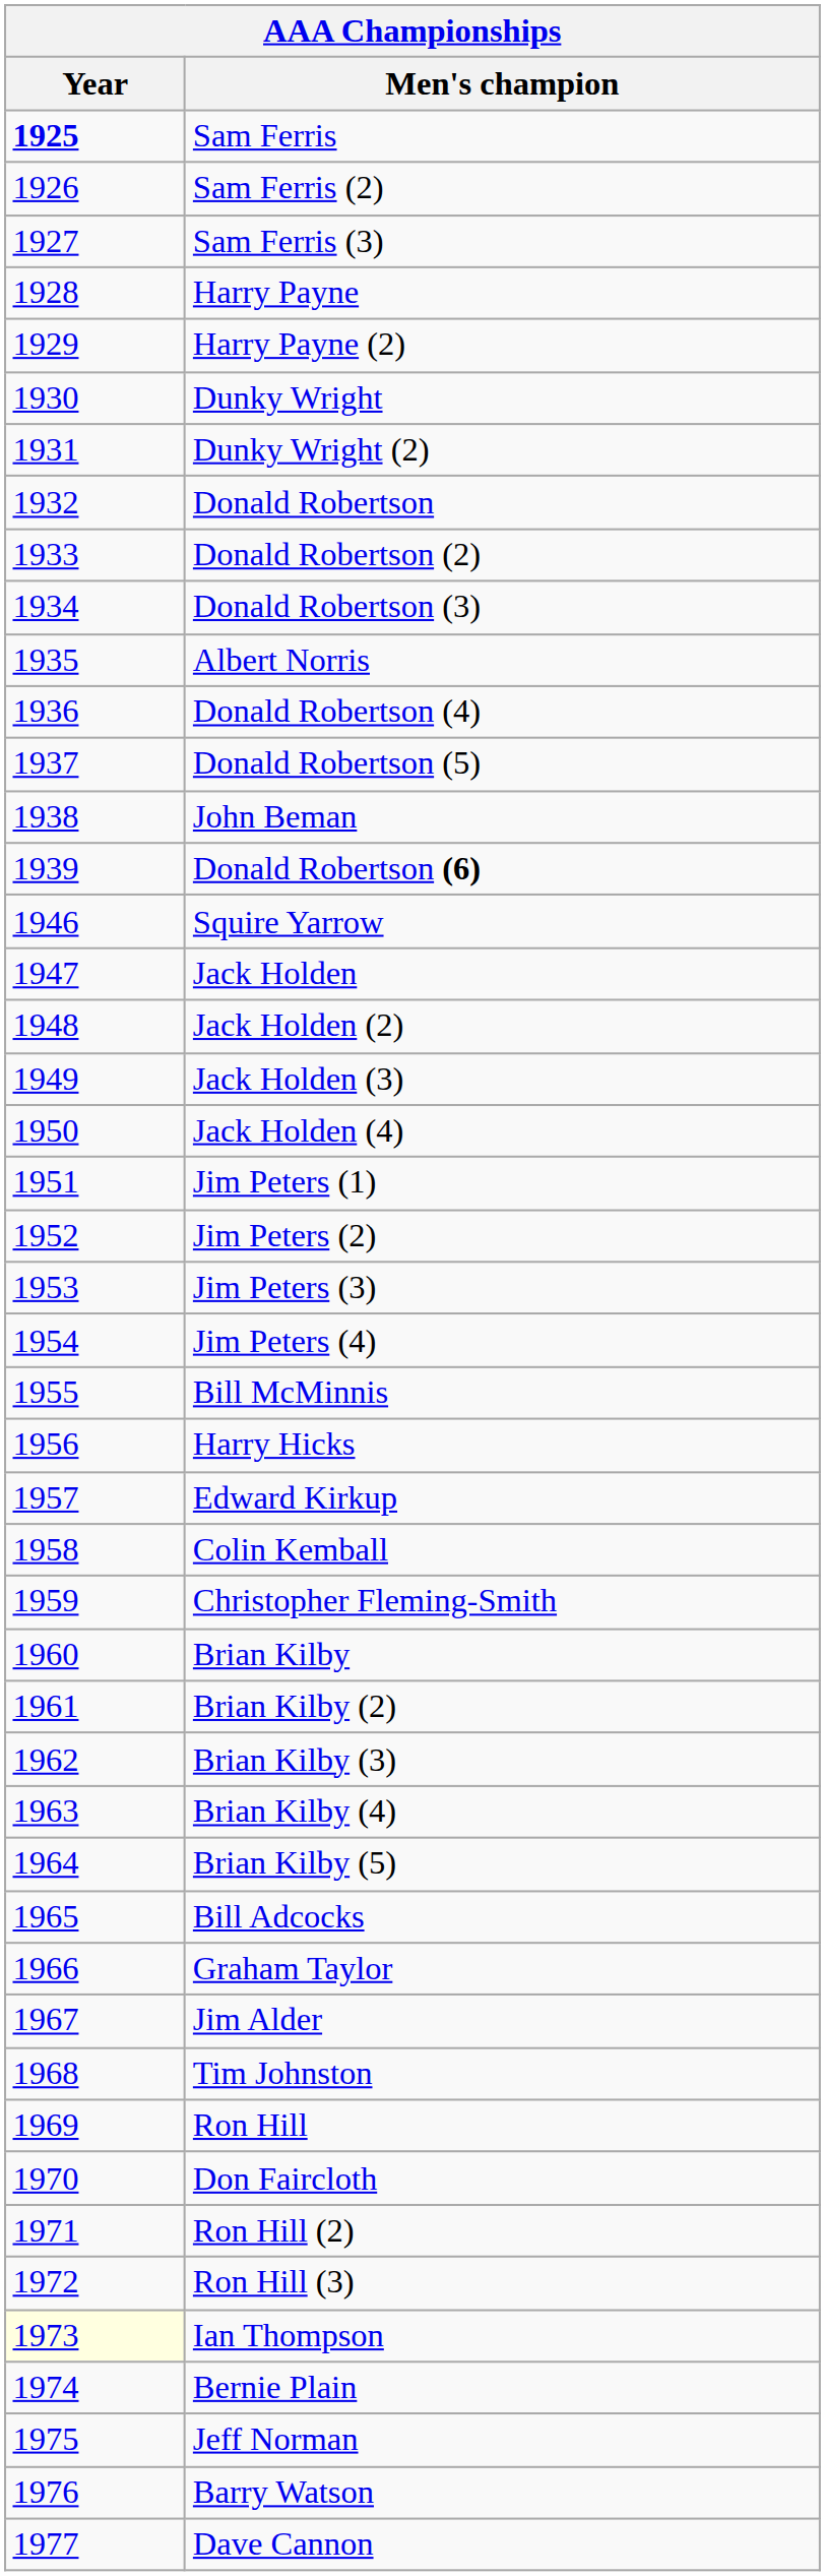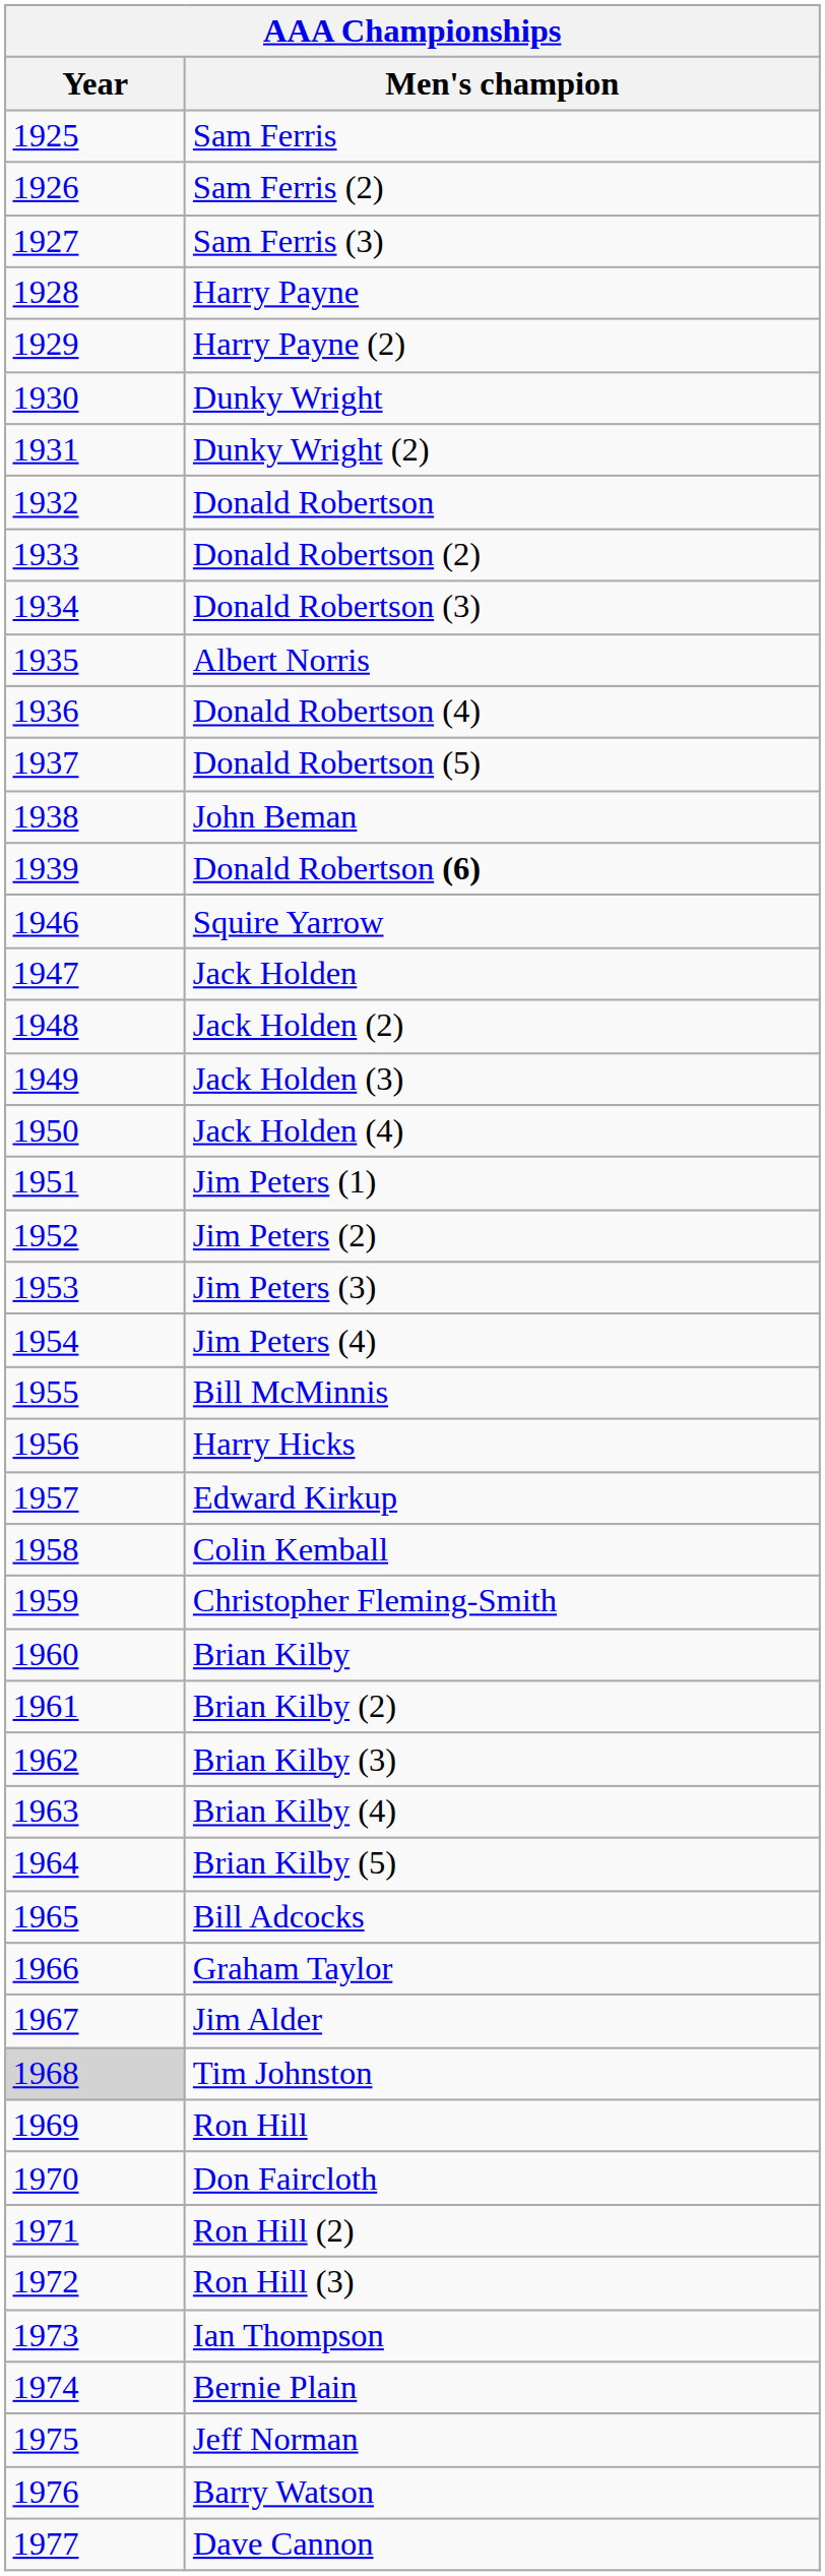 <table class="wikitable">
 <tr>
 <th colspan="2"><a href='#'>AAA Championships</a><br></th>
 </tr>
 <tr>
 <th width=80>Year</th>
 <th width=300>Men's champion</th>
 </tr>
 <tr>
-<td><strong><a href='#'>1925</a></strong></td>
+<td><a href='#'>1925</a></td>
 <td><a href='#'>Sam Ferris</a></td>
 </tr>
 <tr>
 <td><a href='#'>1926</a></td>
 <td><a href='#'>Sam Ferris</a> (2)</td>
 </tr>
 <tr>
 <td><a href='#'>1927</a></td>
 <td><a href='#'>Sam Ferris</a> (3)</td>
 </tr>
 <tr>
 <td><a href='#'>1928</a></td>
 <td><a href='#'>Harry Payne</a></td>
 </tr>
 <tr>
 <td><a href='#'>1929</a></td>
 <td><a href='#'>Harry Payne</a> (2)</td>
 </tr>
 <tr>
 <td><a href='#'>1930</a></td>
 <td><a href='#'>Dunky Wright</a></td>
 </tr>
 <tr>
 <td><a href='#'>1931</a></td>
 <td><a href='#'>Dunky Wright</a> (2)</td>
 </tr>
 <tr>
 <td><a href='#'>1932</a></td>
 <td><a href='#'>Donald Robertson</a></td>
 </tr>
 <tr>
 <td><a href='#'>1933</a></td>
 <td><a href='#'>Donald Robertson</a> (2)</td>
 </tr>
 <tr>
 <td><a href='#'>1934</a></td>
 <td><a href='#'>Donald Robertson</a> (3)</td>
 </tr>
 <tr>
 <td><a href='#'>1935</a></td>
 <td><a href='#'>Albert Norris</a></td>
 </tr>
 <tr>
 <td><a href='#'>1936</a></td>
 <td><a href='#'>Donald Robertson</a> (4)</td>
 </tr>
 <tr>
 <td><a href='#'>1937</a></td>
 <td><a href='#'>Donald Robertson</a> (5)</td>
 </tr>
 <tr>
 <td><a href='#'>1938</a></td>
 <td><a href='#'>John Beman</a></td>
 </tr>
 <tr>
 <td><a href='#'>1939</a></td>
 <td><a href='#'>Donald Robertson</a> <strong>(6)</strong></td>
 </tr>
 <tr>
 <td><a href='#'>1946</a></td>
 <td><a href='#'>Squire Yarrow</a></td>
 </tr>
 <tr>
 <td><a href='#'>1947</a></td>
 <td><a href='#'>Jack Holden</a></td>
 </tr>
 <tr>
 <td><a href='#'>1948</a></td>
 <td><a href='#'>Jack Holden</a> (2)</td>
 </tr>
 <tr>
 <td><a href='#'>1949</a></td>
 <td><a href='#'>Jack Holden</a> (3)</td>
 </tr>
 <tr>
 <td><a href='#'>1950</a></td>
 <td><a href='#'>Jack Holden</a> (4)</td>
 </tr>
 <tr>
 <td><a href='#'>1951</a></td>
 <td><a href='#'>Jim Peters</a> (1)</td>
 </tr>
 <tr>
 <td><a href='#'>1952</a></td>
 <td><a href='#'>Jim Peters</a> (2)</td>
 </tr>
 <tr>
 <td><a href='#'>1953</a></td>
 <td><a href='#'>Jim Peters</a> (3)</td>
 </tr>
 <tr>
 <td><a href='#'>1954</a></td>
 <td><a href='#'>Jim Peters</a> (4)</td>
 </tr>
 <tr>
 <td><a href='#'>1955</a></td>
 <td><a href='#'>Bill McMinnis</a></td>
 </tr>
 <tr>
 <td><a href='#'>1956</a></td>
 <td><a href='#'>Harry Hicks</a></td>
 </tr>
 <tr>
 <td><a href='#'>1957</a></td>
 <td><a href='#'>Edward Kirkup</a></td>
 </tr>
 <tr>
 <td><a href='#'>1958</a></td>
 <td><a href='#'>Colin Kemball</a></td>
 </tr>
 <tr>
 <td><a href='#'>1959</a></td>
 <td><a href='#'>Christopher Fleming-Smith</a></td>
 </tr>
 <tr>
 <td><a href='#'>1960</a></td>
 <td><a href='#'>Brian Kilby</a></td>
 </tr>
 <tr>
 <td><a href='#'>1961</a></td>
 <td><a href='#'>Brian Kilby</a> (2)</td>
 </tr>
 <tr>
 <td><a href='#'>1962</a></td>
 <td><a href='#'>Brian Kilby</a> (3)</td>
 </tr>
 <tr>
 <td><a href='#'>1963</a></td>
 <td><a href='#'>Brian Kilby</a> (4)</td>
 </tr>
 <tr>
 <td><a href='#'>1964</a></td>
 <td><a href='#'>Brian Kilby</a> (5)</td>
 </tr>
 <tr>
 <td><a href='#'>1965</a></td>
 <td><a href='#'>Bill Adcocks</a></td>
 </tr>
 <tr>
 <td><a href='#'>1966</a></td>
 <td><a href='#'>Graham Taylor</a></td>
 </tr>
 <tr>
 <td><a href='#'>1967</a></td>
 <td><a href='#'>Jim Alder</a></td>
 </tr>
 <tr>
-<td><a href='#'>1968</a></td>
+<td style="background: lightgrey;"><a href='#'>1968</a></td>
 <td><a href='#'>Tim Johnston</a></td>
 </tr>
 <tr>
 <td><a href='#'>1969</a></td>
 <td><a href='#'>Ron Hill</a></td>
 </tr>
 <tr>
 <td><a href='#'>1970</a></td>
 <td><a href='#'>Don Faircloth</a></td>
 </tr>
 <tr>
 <td><a href='#'>1971</a></td>
 <td><a href='#'>Ron Hill</a> (2)</td>
 </tr>
 <tr>
 <td><a href='#'>1972</a></td>
 <td><a href='#'>Ron Hill</a> (3)</td>
 </tr>
 <tr>
-<td style="background: lightyellow;"><a href='#'>1973</a></td>
+<td><a href='#'>1973</a></td>
 <td><a href='#'>Ian Thompson</a></td>
 </tr>
 <tr>
 <td><a href='#'>1974</a></td>
 <td><a href='#'>Bernie Plain</a></td>
 </tr>
 <tr>
 <td><a href='#'>1975</a></td>
 <td><a href='#'>Jeff Norman</a></td>
 </tr>
 <tr>
 <td><a href='#'>1976</a></td>
 <td><a href='#'>Barry Watson</a></td>
 </tr>
 <tr>
 <td><a href='#'>1977</a></td>
 <td><a href='#'>Dave Cannon</a></td>
 </tr>
 </table>
